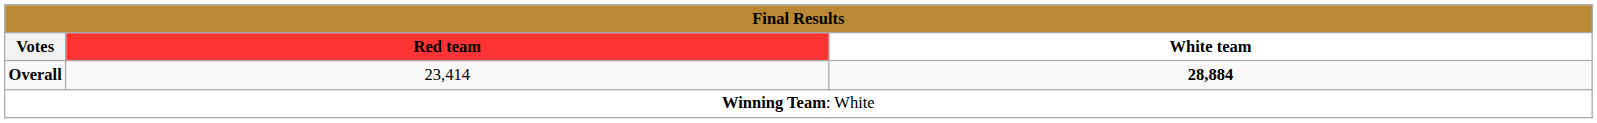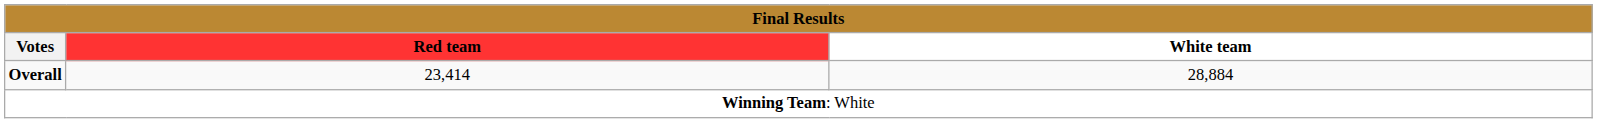 <table class="wikitable" style="font-size:small; text-align:center">
 <tr>
 <th colspan="4" style="background: #b83; wid: 50%;"><strong>Final Results</strong></th>
 </tr>
 <tr>
 <th style="background: #White; wid: 50%;">Votes</th>
 <th style="background: #f33; width: 50%;">Red team</th>
 <th style="background: #fff; width: 50%;">White team</th>
 </tr>
 <tr>
 <td><strong>Overall</strong></td>
 <td>23,414</td>
-<td><strong>28,884</strong></td>
+<td>28,884</td>
 </tr>
 <tr>
 <td colspan="3" style="background: white; color: black"><strong>Winning Team</strong>: White</td>
 </tr>
 </table>
